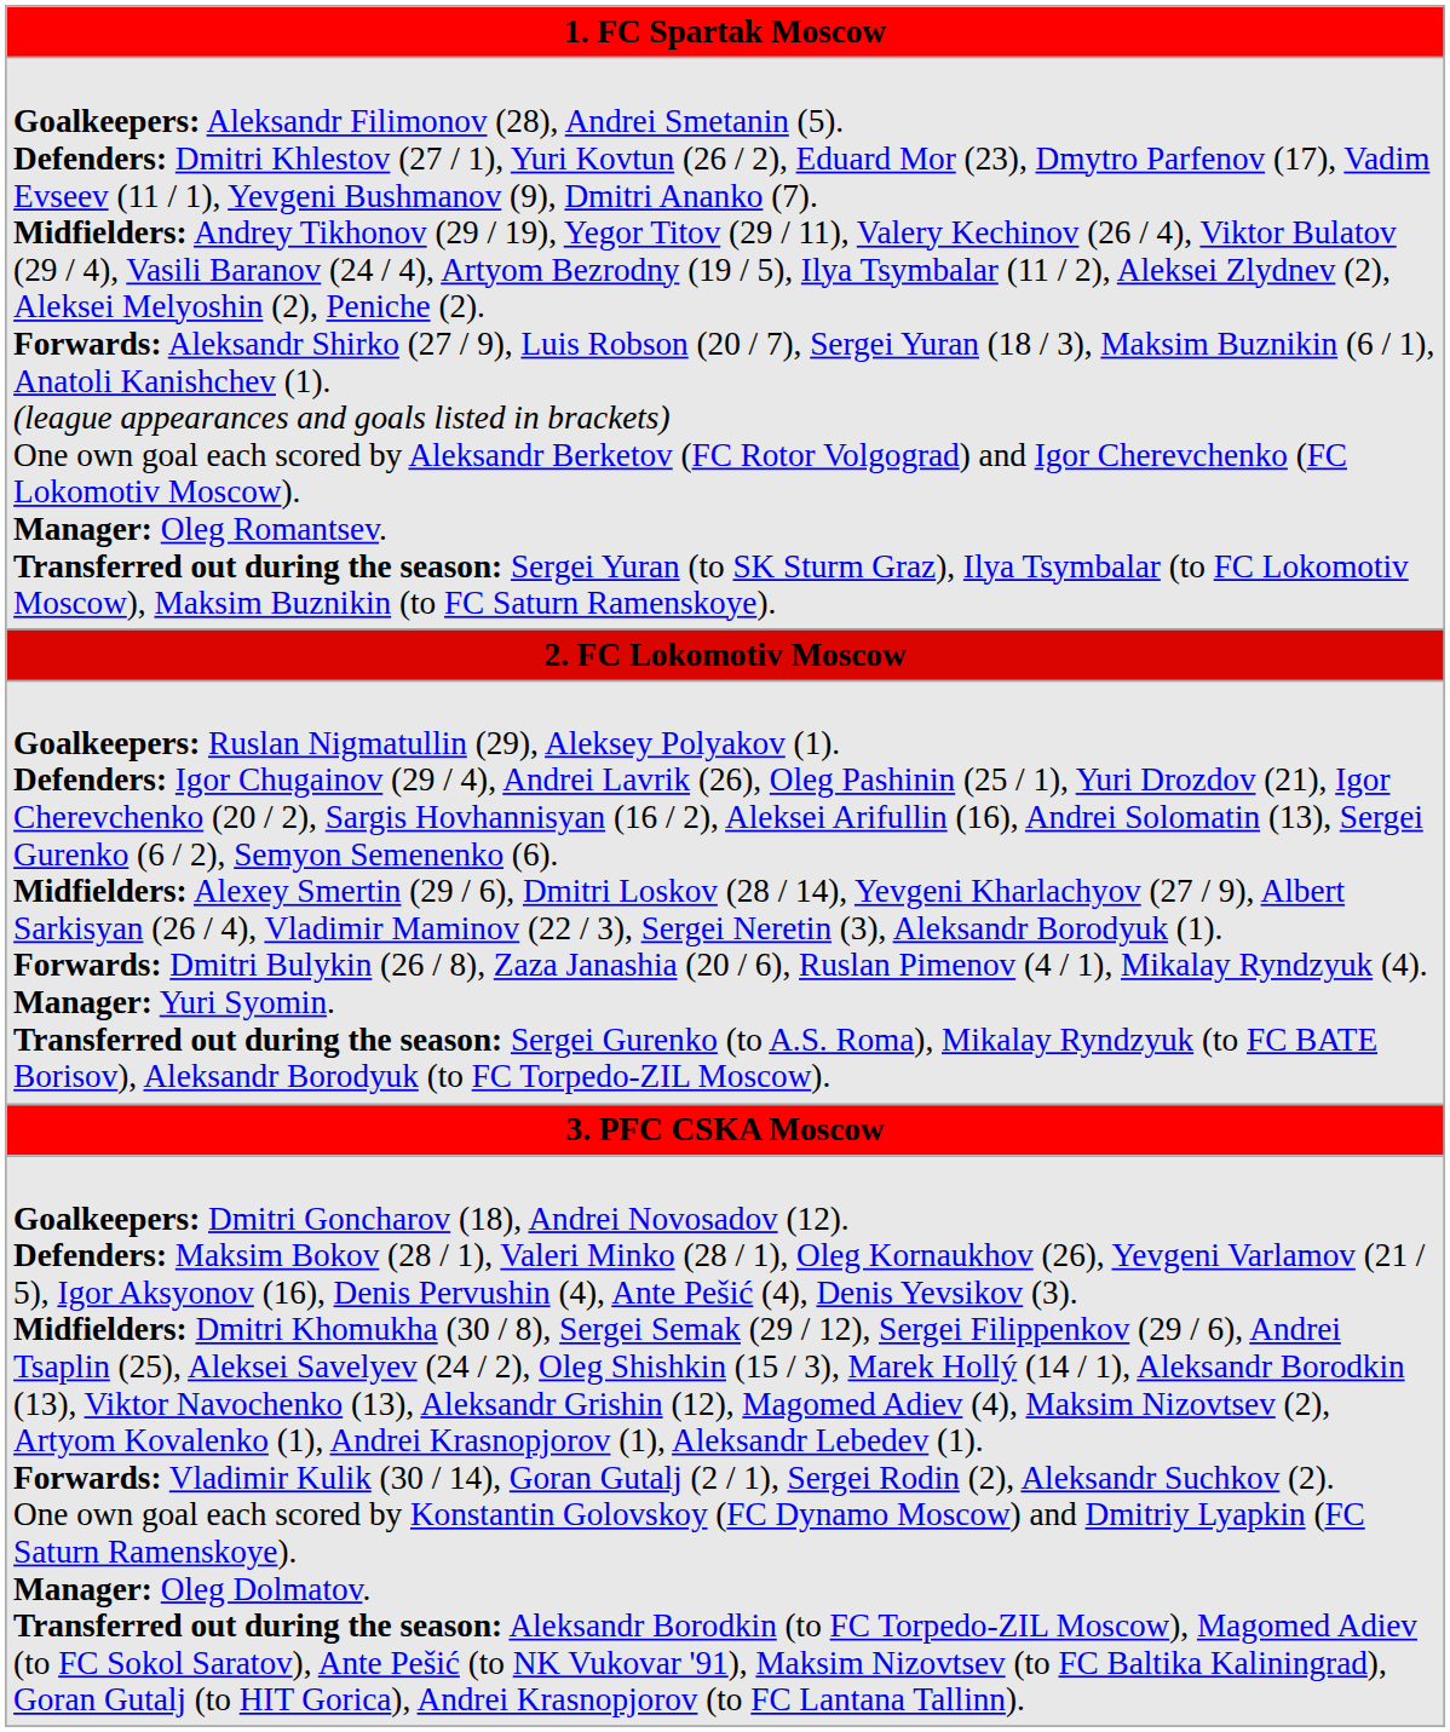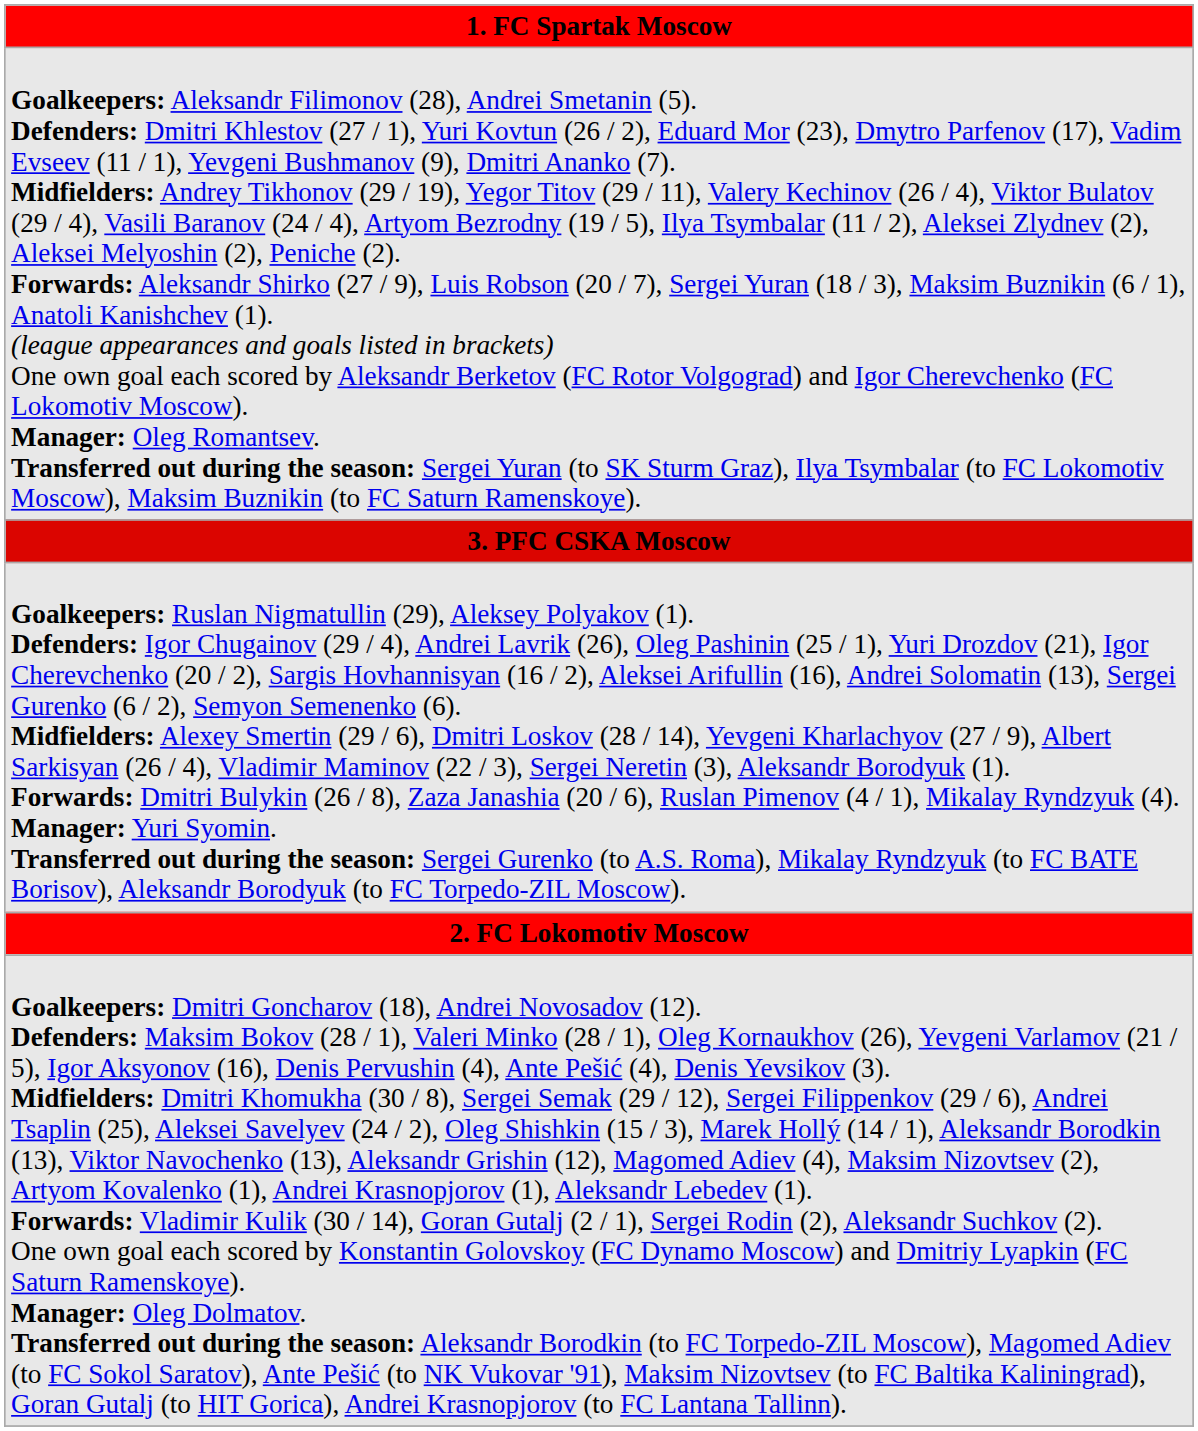 <table class="wikitable" Width="700">
 <tr bgcolor="#FF0000">
 <td align="center" width="700"><span> <strong>1. FC Spartak Moscow</strong> </span></td>
 </tr>
 <tr bgcolor="#E8E8E8">
 <td align="left" width="700"><br><strong>Goalkeepers:</strong> <a href='#'>Aleksandr Filimonov</a> (28), <a href='#'>Andrei Smetanin</a> (5).<br> <strong>Defenders:</strong> <a href='#'>Dmitri Khlestov</a> (27 / 1), <a href='#'>Yuri Kovtun</a> (26 / 2), <a href='#'>Eduard Mor</a> (23), <a href='#'>Dmytro Parfenov</a>  (17), <a href='#'>Vadim Evseev</a> (11 / 1), <a href='#'>Yevgeni Bushmanov</a> (9), <a href='#'>Dmitri Ananko</a> (7).<br> <strong>Midfielders:</strong> <a href='#'>Andrey Tikhonov</a> (29 / 19), <a href='#'>Yegor Titov</a> (29 / 11), <a href='#'>Valery Kechinov</a> (26 / 4), <a href='#'>Viktor Bulatov</a> (29 / 4), <a href='#'>Vasili Baranov</a>  (24 / 4), <a href='#'>Artyom Bezrodny</a> (19 / 5), <a href='#'>Ilya Tsymbalar</a> (11 / 2), <a href='#'>Aleksei Zlydnev</a> (2), <a href='#'>Aleksei Melyoshin</a> (2), <a href='#'>Peniche</a>  (2).<br> <strong>Forwards:</strong> <a href='#'>Aleksandr Shirko</a> (27 / 9), <a href='#'>Luis Robson</a>  (20 / 7), <a href='#'>Sergei Yuran</a> (18 / 3), <a href='#'>Maksim Buznikin</a> (6 / 1), <a href='#'>Anatoli Kanishchev</a> (1).<br><em>(league appearances and goals listed in brackets)</em><br>One own goal each scored by <a href='#'>Aleksandr Berketov</a> (<a href='#'>FC Rotor Volgograd</a>) and <a href='#'>Igor Cherevchenko</a>  (<a href='#'>FC Lokomotiv Moscow</a>).<br><strong>Manager:</strong> <a href='#'>Oleg Romantsev</a>.<br><strong>Transferred out during the season:</strong> <a href='#'>Sergei Yuran</a> (to  <a href='#'>SK Sturm Graz</a>), <a href='#'>Ilya Tsymbalar</a> (to <a href='#'>FC Lokomotiv Moscow</a>), <a href='#'>Maksim Buznikin</a> (to <a href='#'>FC Saturn Ramenskoye</a>).</td>
 </tr>
 <tr bgcolor="#DB0500">
-<td align="center" width="700"><span> <strong>2. FC Lokomotiv Moscow</strong> </span></td>
+<td align="center" width="700"><span> <strong>3. PFC CSKA Moscow</strong> </span></td>
 </tr>
 <tr bgcolor="#E8E8E8">
 <td align="left" width="700"><br><strong>Goalkeepers:</strong> <a href='#'>Ruslan Nigmatullin</a> (29), <a href='#'>Aleksey Polyakov</a>  (1).<br> <strong>Defenders:</strong> <a href='#'>Igor Chugainov</a> (29 / 4), <a href='#'>Andrei Lavrik</a>  (26), <a href='#'>Oleg Pashinin</a>  (25 / 1), <a href='#'>Yuri Drozdov</a> (21), <a href='#'>Igor Cherevchenko</a>  (20 / 2), <a href='#'>Sargis Hovhannisyan</a>  (16 / 2), <a href='#'>Aleksei Arifullin</a> (16), <a href='#'>Andrei Solomatin</a> (13), <a href='#'>Sergei Gurenko</a>  (6 / 2), <a href='#'>Semyon Semenenko</a> (6).<br> <strong>Midfielders:</strong> <a href='#'>Alexey Smertin</a> (29 / 6), <a href='#'>Dmitri Loskov</a> (28 / 14), <a href='#'>Yevgeni Kharlachyov</a> (27 / 9), <a href='#'>Albert Sarkisyan</a>  (26 / 4), <a href='#'>Vladimir Maminov</a>  (22 / 3), <a href='#'>Sergei Neretin</a> (3), <a href='#'>Aleksandr Borodyuk</a> (1).<br> <strong>Forwards:</strong> <a href='#'>Dmitri Bulykin</a> (26 / 8), <a href='#'>Zaza Janashia</a>  (20 / 6), <a href='#'>Ruslan Pimenov</a> (4 / 1), <a href='#'>Mikalay Ryndzyuk</a>  (4).<br><strong>Manager:</strong> <a href='#'>Yuri Syomin</a>.<br><strong>Transferred out during the season:</strong> <a href='#'>Sergei Gurenko</a>  (to  <a href='#'>A.S. Roma</a>), <a href='#'>Mikalay Ryndzyuk</a>  (to  <a href='#'>FC BATE Borisov</a>), <a href='#'>Aleksandr Borodyuk</a> (to <a href='#'>FC Torpedo-ZIL Moscow</a>).</td>
 </tr>
 <tr bgcolor="#FF0000">
-<td align="center" width="700"><span> <strong>3. PFC CSKA Moscow</strong> </span></td>
+<td align="center" width="700"><span> <strong>2. FC Lokomotiv Moscow</strong> </span></td>
 </tr>
 <tr bgcolor="#E8E8E8">
 <td align="left" width="700"><br><strong>Goalkeepers:</strong> <a href='#'>Dmitri Goncharov</a> (18), <a href='#'>Andrei Novosadov</a> (12).<br> <strong>Defenders:</strong> <a href='#'>Maksim Bokov</a> (28 / 1), <a href='#'>Valeri Minko</a> (28 / 1), <a href='#'>Oleg Kornaukhov</a> (26), <a href='#'>Yevgeni Varlamov</a> (21 / 5), <a href='#'>Igor Aksyonov</a> (16), <a href='#'>Denis Pervushin</a> (4), <a href='#'>Ante Pešić</a>  (4), <a href='#'>Denis Yevsikov</a> (3).<br> <strong>Midfielders:</strong> <a href='#'>Dmitri Khomukha</a>  (30 / 8), <a href='#'>Sergei Semak</a> (29 / 12), <a href='#'>Sergei Filippenkov</a> (29 / 6), <a href='#'>Andrei Tsaplin</a> (25), <a href='#'>Aleksei Savelyev</a> (24 / 2), <a href='#'>Oleg Shishkin</a>  (15 / 3), <a href='#'>Marek Hollý</a>  (14 / 1), <a href='#'>Aleksandr Borodkin</a> (13), <a href='#'>Viktor Navochenko</a> (13), <a href='#'>Aleksandr Grishin</a> (12), <a href='#'>Magomed Adiev</a> (4), <a href='#'>Maksim Nizovtsev</a>  (2), <a href='#'>Artyom Kovalenko</a> (1), <a href='#'>Andrei Krasnopjorov</a>  (1), <a href='#'>Aleksandr Lebedev</a> (1).<br> <strong>Forwards:</strong> <a href='#'>Vladimir Kulik</a> (30 / 14), <a href='#'>Goran Gutalj</a>  (2 / 1), <a href='#'>Sergei Rodin</a> (2), <a href='#'>Aleksandr Suchkov</a> (2).<br>One own goal each scored by <a href='#'>Konstantin Golovskoy</a> (<a href='#'>FC Dynamo Moscow</a>) and <a href='#'>Dmitriy Lyapkin</a>  (<a href='#'>FC Saturn Ramenskoye</a>).<br><strong>Manager:</strong> <a href='#'>Oleg Dolmatov</a>.<br><strong>Transferred out during the season:</strong> <a href='#'>Aleksandr Borodkin</a> (to <a href='#'>FC Torpedo-ZIL Moscow</a>), <a href='#'>Magomed Adiev</a> (to <a href='#'>FC Sokol Saratov</a>), <a href='#'>Ante Pešić</a>  (to  <a href='#'>NK Vukovar '91</a>), <a href='#'>Maksim Nizovtsev</a>  (to <a href='#'>FC Baltika Kaliningrad</a>), <a href='#'>Goran Gutalj</a>  (to  <a href='#'>HIT Gorica</a>), <a href='#'>Andrei Krasnopjorov</a>  (to  <a href='#'>FC Lantana Tallinn</a>).</td>
 </tr>
 </table>
